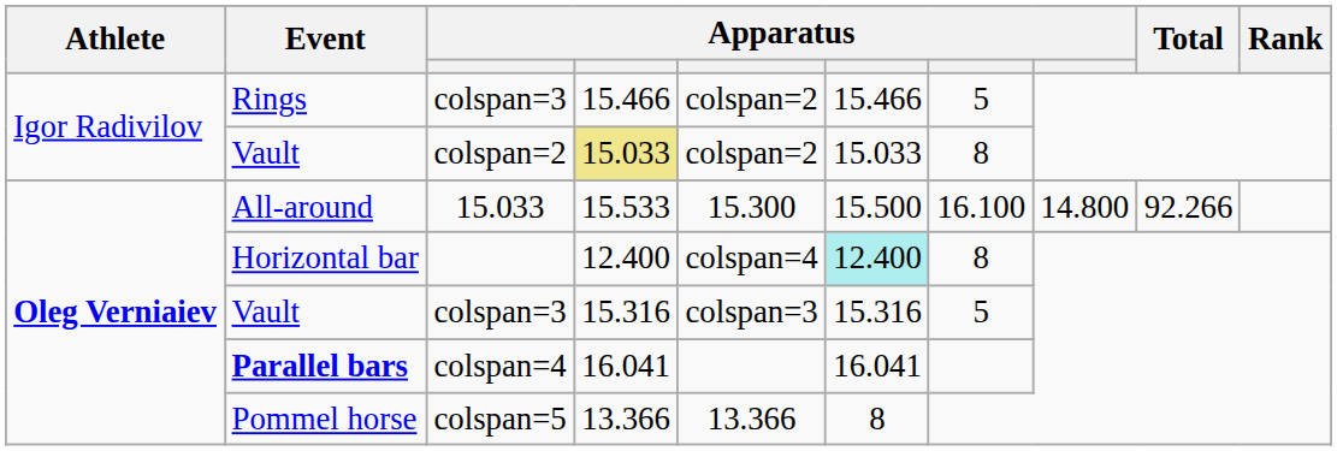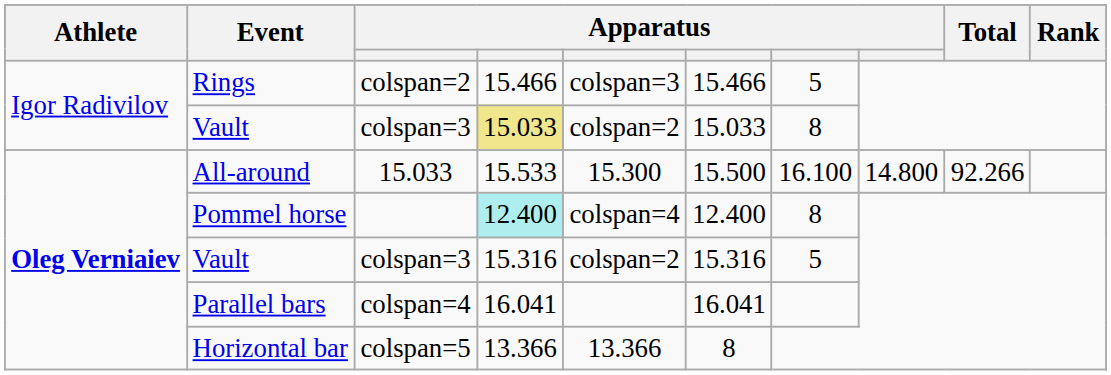 <table class="wikitable" style="font-size:90%">
 <tr>
 <th rowspan=2>Athlete</th>
 <th rowspan=2>Event</th>
 <th colspan =6>Apparatus</th>
 <th rowspan=2>Total</th>
 <th rowspan=2>Rank</th>
 </tr>
 <tr style="font-size:95%">
 <th></th>
 <th></th>
 <th></th>
 <th></th>
 <th></th>
 <th></th>
 </tr>
 <tr align=center>
 <td align=left rowspan=2><a href='#'>Igor Radivilov</a></td>
 <td align=left><a href='#'>Rings</a></td>
+<td>colspan=2 </td>
+<td>15.466</td>
 <td>colspan=3 </td>
-<td>15.466</td>
-<td>colspan=2 </td>
 <td>15.466</td>
 <td>5</td>
 </tr>
 <tr align=center>
 <td align=left><a href='#'>Vault</a></td>
-<td>colspan=2 </td>
+<td>colspan=3 </td>
 <td style="background: khaki;">15.033</td>
 <td>colspan=2 </td>
 <td>15.033</td>
 <td>8</td>
 </tr>
 <tr align=center>
 <td align=left rowspan=5><strong><a href='#'>Oleg Verniaiev</a></strong></td>
 <td align=left><a href='#'>All-around</a></td>
 <td>15.033</td>
 <td>15.533</td>
 <td>15.300</td>
 <td>15.500</td>
 <td>16.100</td>
 <td>14.800</td>
 <td>92.266</td>
 <td></td>
 </tr>
 <tr align=center>
-<td align=left><a href='#'>Horizontal bar</a></td>
+<td align=left><a href='#'>Pommel horse</a></td>
 <td></td>
+<td style="background: paleturquoise;">12.400</td>
+<td>colspan=4 </td>
 <td>12.400</td>
-<td>colspan=4 </td>
-<td style="background: paleturquoise;">12.400</td>
 <td>8</td>
 </tr>
 <tr align=center>
 <td align=left><a href='#'>Vault</a></td>
 <td>colspan=3 </td>
 <td>15.316</td>
-<td>colspan=3 </td>
+<td>colspan=2 </td>
 <td>15.316</td>
 <td>5</td>
 </tr>
 <tr align=center>
-<td align=left><strong><a href='#'>Parallel bars</a></strong></td>
+<td align=left><a href='#'>Parallel bars</a></td>
 <td>colspan=4 </td>
 <td>16.041</td>
 <td></td>
 <td>16.041</td>
 <td></td>
 </tr>
 <tr align=center>
-<td align=left><a href='#'>Pommel horse</a></td>
+<td align=left><a href='#'>Horizontal bar</a></td>
 <td>colspan=5 </td>
 <td>13.366</td>
 <td>13.366</td>
 <td>8</td>
 </tr>
 </table>
